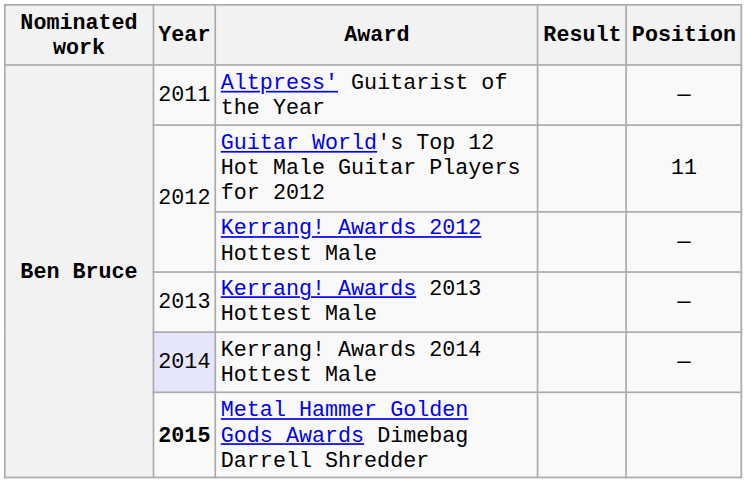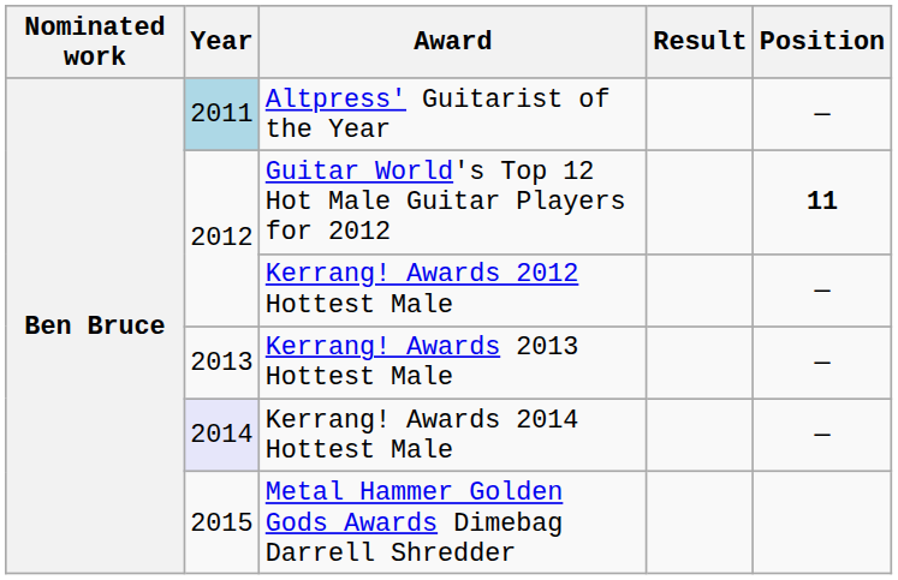 <table class="wikitable plainrowheaders" style="width:50%;">
 <tr>
 <th>Nominated work</th>
 <th>Year</th>
 <th>Award</th>
 <th>Result</th>
 <th>Position</th>
 </tr>
 <tr>
 <th rowspan=6 scope="row">Ben Bruce</th>
-<td style="text-align:center;">2011</td>
+<td style="background: lightblue; text-align:center;">2011</td>
 <td><a href='#'>Altpress'</a> Guitarist of the Year</td>
 <td></td>
 <td style="text-align:center;">—</td>
 </tr>
 <tr>
 <td rowspan=2 style="text-align:center;">2012</td>
 <td><a href='#'>Guitar World</a>'s Top 12 Hot Male Guitar Players for 2012</td>
 <td></td>
-<td style="text-align:center;">11</td>
+<td style="text-align:center;"><strong>11</strong></td>
 </tr>
 <tr>
 <td><a href='#'>Kerrang! Awards 2012</a> Hottest Male</td>
 <td></td>
 <td style="text-align:center;">—</td>
 </tr>
 <tr>
 <td style="text-align:center;">2013</td>
 <td><a href='#'>Kerrang! Awards</a> 2013 Hottest Male</td>
 <td></td>
 <td style="text-align:center;">—</td>
 </tr>
 <tr>
 <td style="background: lavender; text-align:center;">2014</td>
 <td>Kerrang! Awards 2014 Hottest Male</td>
 <td></td>
 <td style="text-align:center;">—</td>
 </tr>
 <tr>
-<td style="text-align:center;"><strong>2015</strong></td>
+<td style="text-align:center;">2015</td>
 <td><a href='#'>Metal Hammer Golden Gods Awards</a> Dimebag Darrell Shredder</td>
 <td></td>
 <td style="text-align:center;"></td>
 </tr>
 </table>
